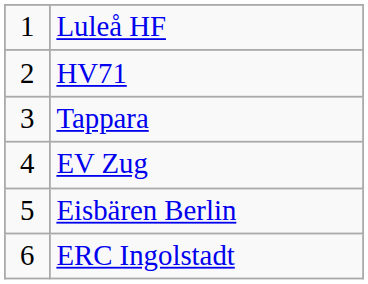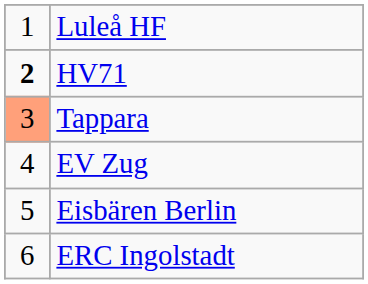 <table class="wikitable" style="width:200px;">
 <tr>
 <td align=center>1</td>
 <td> <a href='#'>Luleå HF</a></td>
 </tr>
 <tr>
-<td align=center>2</td>
+<td align=center><strong>2</strong></td>
 <td> <a href='#'>HV71</a></td>
 </tr>
 <tr>
-<td align=center>3</td>
+<td align=center style="background: lightsalmon;">3</td>
 <td> <a href='#'>Tappara</a></td>
 </tr>
 <tr>
 <td align=center>4</td>
 <td> <a href='#'>EV Zug</a></td>
 </tr>
 <tr>
 <td align=center>5</td>
 <td> <a href='#'>Eisbären Berlin</a></td>
 </tr>
 <tr>
 <td align=center>6</td>
 <td> <a href='#'>ERC Ingolstadt</a></td>
 </tr>
 </table>
